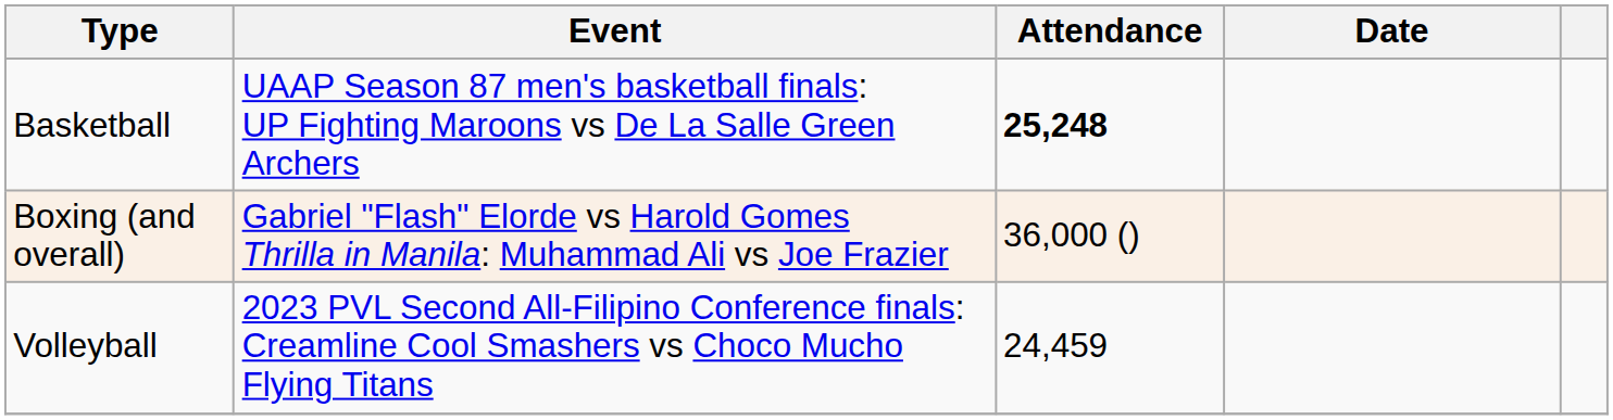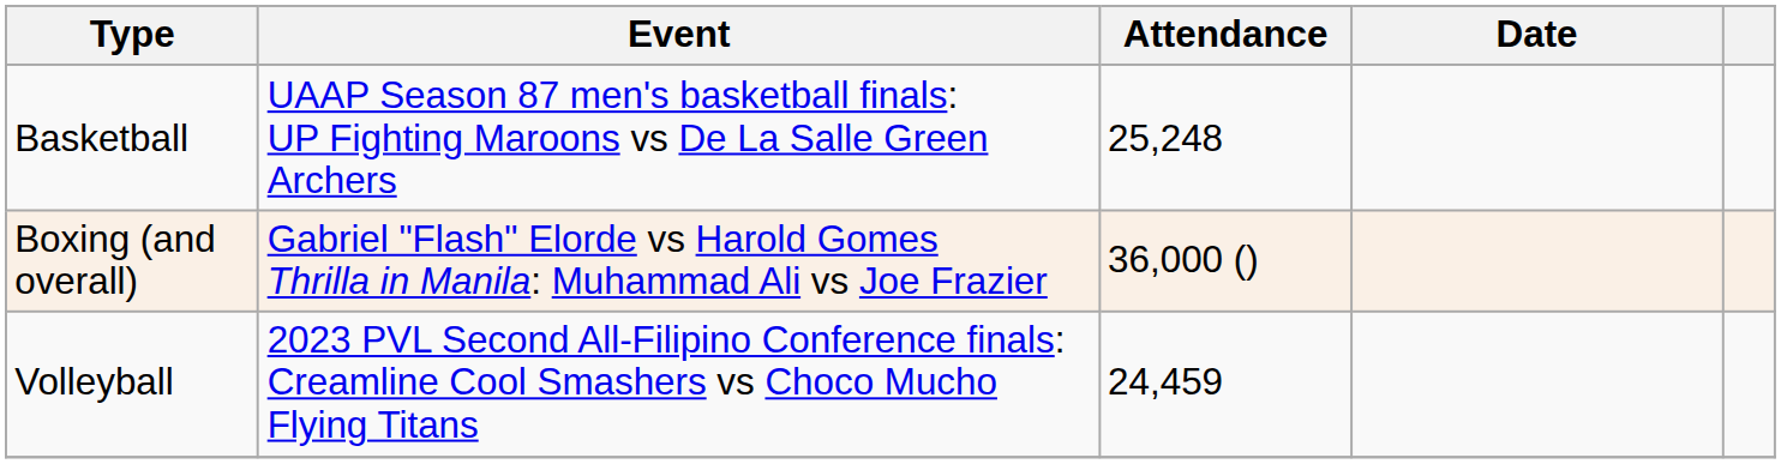 <table class="wikitable sortable";>
 <tr>
 <th style="width:100px;">Type</th>
 <th style="width:350px;">Event</th>
 <th style="width:100px;">Attendance</th>
 <th style="width:150px;">Date</th>
 <th style="width:15px;"></th>
 </tr>
 <tr>
 <td>Basketball</td>
 <td><a href='#'>UAAP Season 87 men's basketball finals</a>:<br><a href='#'>UP Fighting Maroons</a> vs <a href='#'>De La Salle Green Archers</a></td>
-<td><strong>25,248</strong></td>
+<td>25,248</td>
 <td></td>
 <td></td>
 </tr>
 <tr style="background:#faf0e6;">
 <td>Boxing (and overall)</td>
 <td><a href='#'>Gabriel "Flash" Elorde</a> vs <a href='#'>Harold Gomes</a> <br> <em><a href='#'>Thrilla in Manila</a></em>: <a href='#'>Muhammad Ali</a> vs <a href='#'>Joe Frazier</a></td>
 <td>36,000 ()</td>
 <td> <br> </td>
 <td></td>
 </tr>
 <tr>
 <td>Volleyball</td>
 <td><a href='#'>2023 PVL Second All-Filipino Conference finals</a>:<br><a href='#'>Creamline Cool Smashers</a> vs <a href='#'>Choco Mucho Flying Titans</a></td>
 <td>24,459</td>
 <td></td>
 <td></td>
 </tr>
 <tr>
 </tr>
 </table>
